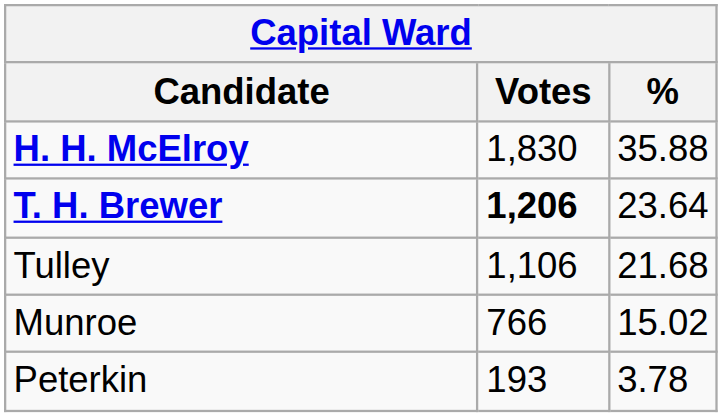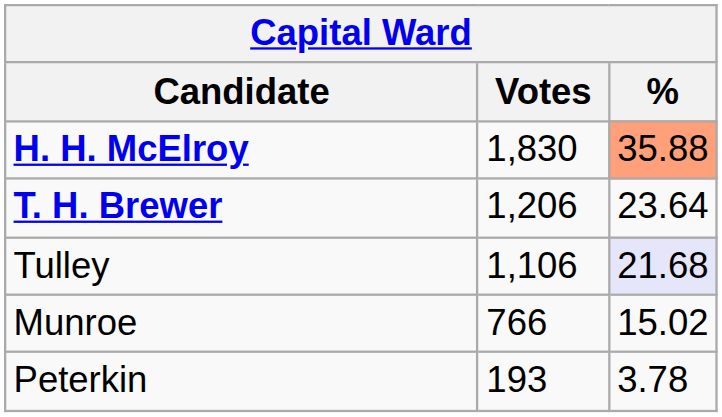 <table class="wikitable">
 <tr>
 <th colspan="3"><a href='#'>Capital Ward</a></th>
 </tr>
 <tr>
 <th style="width: 200px">Candidate</th>
 <th style="width: 50px">Votes</th>
 <th style="width: 40px">%</th>
 </tr>
 <tr>
 <td><strong><a href='#'>H. H. McElroy</a></strong></td>
 <td>1,830</td>
-<td>35.88</td>
+<td style="background: lightsalmon;">35.88</td>
 </tr>
 <tr>
 <td><strong><a href='#'>T. H. Brewer</a></strong></td>
-<td><strong>1,206</strong></td>
+<td>1,206</td>
 <td>23.64</td>
 </tr>
 <tr>
 <td>Tulley</td>
 <td>1,106</td>
-<td>21.68</td>
+<td style="background: lavender;">21.68</td>
 </tr>
 <tr>
 <td>Munroe</td>
 <td>766</td>
 <td>15.02</td>
 </tr>
 <tr>
 <td>Peterkin</td>
 <td>193</td>
 <td>3.78</td>
 </tr>
 </table>
